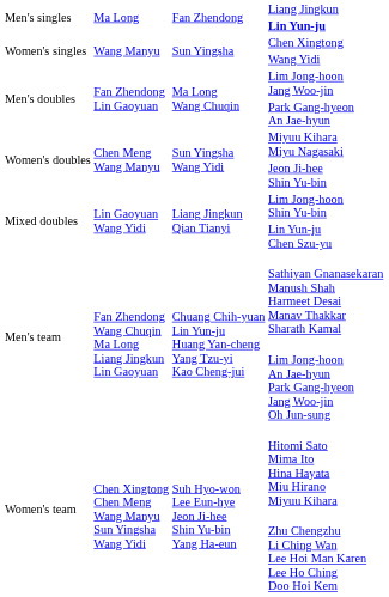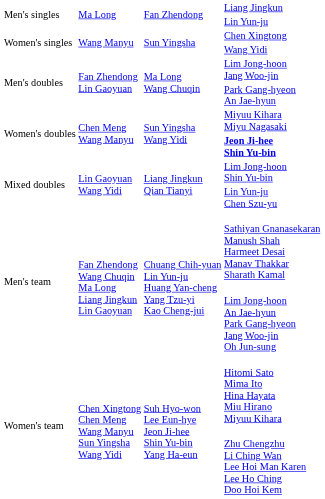 <table>
 <tr>
 <td rowspan=2>Men's singles<br></td>
 <td rowspan=2>  <a href='#'>Ma Long</a></td>
 <td rowspan=2>  <a href='#'>Fan Zhendong</a></td>
 <td> <a href='#'>Liang Jingkun</a></td>
 </tr>
 <tr>
-<td><strong> <a href='#'>Lin Yun-ju</a></strong></td>
+<td> <a href='#'>Lin Yun-ju</a></td>
 </tr>
 <tr>
 <td rowspan=2>Women's singles<br></td>
 <td rowspan=2> <a href='#'>Wang Manyu</a></td>
 <td rowspan=2> <a href='#'>Sun Yingsha</a></td>
 <td> <a href='#'>Chen Xingtong</a></td>
 </tr>
 <tr>
 <td> <a href='#'>Wang Yidi</a></td>
 </tr>
 <tr>
 <td rowspan=2>Men's doubles<br></td>
 <td rowspan=2> <a href='#'>Fan Zhendong</a> <br> <a href='#'>Lin Gaoyuan</a></td>
 <td rowspan=2> <a href='#'>Ma Long</a> <br> <a href='#'>Wang Chuqin</a></td>
 <td> <a href='#'>Lim Jong-hoon</a><br> <a href='#'>Jang Woo-jin</a></td>
 </tr>
 <tr>
 <td> <a href='#'>Park Gang-hyeon</a><br> <a href='#'>An Jae-hyun</a></td>
 </tr>
 <tr>
 <td rowspan=2>Women's doubles<br></td>
 <td rowspan=2> <a href='#'>Chen Meng</a><br>  <a href='#'>Wang Manyu</a></td>
 <td rowspan=2> <a href='#'>Sun Yingsha</a><br>  <a href='#'>Wang Yidi</a></td>
 <td> <a href='#'>Miyuu Kihara</a><br> <a href='#'>Miyu Nagasaki</a></td>
 </tr>
 <tr>
-<td> <a href='#'>Jeon Ji-hee</a><br> <a href='#'>Shin Yu-bin</a></td>
+<td><strong> <a href='#'>Jeon Ji-hee</a><br> <a href='#'>Shin Yu-bin</a></strong></td>
 </tr>
 <tr>
 <td rowspan=2>Mixed doubles<br></td>
 <td rowspan=2> <a href='#'>Lin Gaoyuan</a> <br> <a href='#'>Wang Yidi</a></td>
 <td rowspan=2> <a href='#'>Liang Jingkun</a> <br> <a href='#'>Qian Tianyi</a></td>
 <td> <a href='#'>Lim Jong-hoon</a><br> <a href='#'>Shin Yu-bin</a></td>
 </tr>
 <tr>
 <td> <a href='#'>Lin Yun-ju</a><br> <a href='#'>Chen Szu-yu</a></td>
 </tr>
 <tr>
 <td rowspan=2>Men's team<br></td>
 <td rowspan=2><br><a href='#'>Fan Zhendong</a><br><a href='#'>Wang Chuqin</a><br><a href='#'>Ma Long</a><br><a href='#'>Liang Jingkun</a><br><a href='#'>Lin Gaoyuan</a></td>
 <td rowspan=2><br><a href='#'>Chuang Chih-yuan</a><br><a href='#'>Lin Yun-ju</a><br><a href='#'>Huang Yan-cheng</a><br><a href='#'>Yang Tzu-yi</a><br><a href='#'>Kao Cheng-jui</a></td>
 <td><br><a href='#'>Sathiyan Gnanasekaran</a><br><a href='#'>Manush Shah</a><br><a href='#'>Harmeet Desai</a><br><a href='#'>Manav Thakkar</a><br><a href='#'>Sharath Kamal</a></td>
 </tr>
 <tr>
 <td><br><a href='#'>Lim Jong-hoon</a><br><a href='#'>An Jae-hyun</a><br><a href='#'>Park Gang-hyeon</a><br><a href='#'>Jang Woo-jin</a><br><a href='#'>Oh Jun-sung</a></td>
 </tr>
 <tr>
 <td rowspan=2>Women's team<br></td>
 <td rowspan=2><br><a href='#'>Chen Xingtong</a><br><a href='#'>Chen Meng</a><br><a href='#'>Wang Manyu</a><br><a href='#'>Sun Yingsha</a><br><a href='#'>Wang Yidi</a></td>
 <td rowspan=2><br><a href='#'>Suh Hyo-won</a><br><a href='#'>Lee Eun-hye</a><br><a href='#'>Jeon Ji-hee</a><br><a href='#'>Shin Yu-bin</a><br><a href='#'>Yang Ha-eun</a></td>
 <td><br><a href='#'>Hitomi Sato</a><br><a href='#'>Mima Ito</a><br><a href='#'>Hina Hayata</a><br><a href='#'>Miu Hirano</a><br><a href='#'>Miyuu Kihara</a></td>
 </tr>
 <tr>
 <td><br><a href='#'>Zhu Chengzhu</a><br><a href='#'>Li Ching Wan</a><br><a href='#'>Lee Hoi Man Karen</a><br><a href='#'>Lee Ho Ching</a><br><a href='#'>Doo Hoi Kem</a></td>
 </tr>
 </table>
